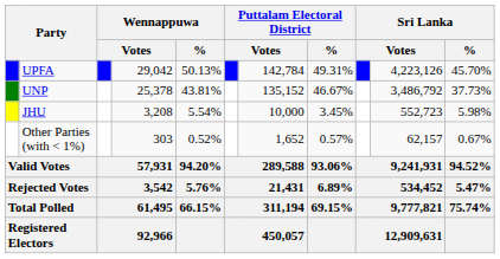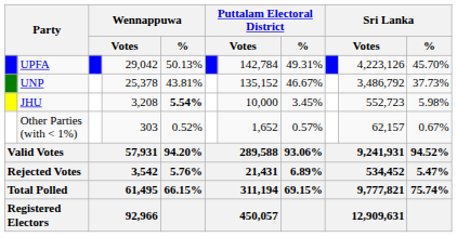 <table class="wikitable">
 <tr>
 <th colspan="2" width="144px"rowspan="2">Party</th>
 <th colspan="3" width="216px">Wennappuwa</th>
 <th colspan="3" width="216px"><a href='#'>Puttalam Electoral District</a></th>
 <th colspan="3" width="216px">Sri Lanka</th>
 </tr>
 <tr>
 <th colspan="2" width="144px">Votes</th>
 <th>%</th>
 <th colspan="2" width="144px">Votes</th>
 <th>%</th>
 <th colspan="2" width="144px">Votes</th>
 <th>%</th>
 </tr>
 <tr>
 <td style="background-color:blue;" width="10px"></td>
 <td style="text-align:left;"><a href='#'>UPFA</a></td>
 <td style="background-color:blue;" width="10px"></td>
 <td style="text-align:right;">29,042</td>
 <td style="text-align:right;">50.13%</td>
 <td style="background-color:blue;" width="10px"></td>
 <td style="text-align:right;">142,784</td>
 <td style="text-align:right;">49.31%</td>
 <td style="background-color:blue;" width="10px"></td>
 <td style="text-align:right;">4,223,126</td>
 <td style="text-align:right;">45.70%</td>
 </tr>
 <tr>
 <td style="background-color:green;" width="10px"></td>
 <td style="text-align:left;"><a href='#'>UNP</a></td>
 <td style="background-color:white;" width="10px"></td>
 <td style="text-align:right;">25,378</td>
 <td style="text-align:right;">43.81%</td>
 <td style="background-color:white;" width="10px"></td>
 <td style="text-align:right;">135,152</td>
 <td style="text-align:right;">46.67%</td>
 <td style="background-color:white;" width="10px"></td>
 <td style="text-align:right;">3,486,792</td>
 <td style="text-align:right;">37.73%</td>
 </tr>
 <tr>
 <td style="background-color:yellow;" width="10px"></td>
 <td style="text-align:left;"><a href='#'>JHU</a></td>
 <td style="background-color:white;" width="10px"></td>
 <td style="text-align:right;">3,208</td>
-<td style="text-align:right;">5.54%</td>
+<td style="text-align:right;"><strong>5.54%</strong></td>
 <td style="background-color:white;" width="10px"></td>
 <td style="text-align:right;">10,000</td>
 <td style="text-align:right;">3.45%</td>
 <td style="background-color:white;" width="10px"></td>
 <td style="text-align:right;">552,723</td>
 <td style="text-align:right;">5.98%</td>
 </tr>
 <tr>
 <td style="background-color:white;" width="10px"></td>
 <td style="text-align:left;">Other Parties (with < 1%)</td>
 <td style="background-color:white;" width="10px"></td>
 <td style="text-align:right;">303</td>
 <td style="text-align:right;">0.52%</td>
 <td style="background-color:white;" width="10px"></td>
 <td style="text-align:right;">1,652</td>
 <td style="text-align:right;">0.57%</td>
 <td style="background-color:white;" width="10px"></td>
 <td style="text-align:right;">62,157</td>
 <td style="text-align:right;">0.67%</td>
 </tr>
 <tr>
 <th colspan="2" width="144px"style="text-align:left;">Valid Votes</th>
 <th style="text-align:right;"colspan="2" width="144px">57,931</th>
 <th style="text-align:right;">94.20%</th>
 <th style="text-align:right;"colspan="2" width="144px">289,588</th>
 <th style="text-align:right;">93.06%</th>
 <th style="text-align:right;"colspan="2" width="144px">9,241,931</th>
 <th style="text-align:right;">94.52%</th>
 </tr>
 <tr>
 <th colspan="2" width="144px"style="text-align:left;">Rejected Votes</th>
 <th style="text-align:right;"colspan="2" width="144px">3,542</th>
 <th style="text-align:right;">5.76%</th>
 <th style="text-align:right;"colspan="2" width="144px">21,431</th>
 <th style="text-align:right;">6.89%</th>
 <th style="text-align:right;"colspan="2" width="144px">534,452</th>
 <th style="text-align:right;">5.47%</th>
 </tr>
 <tr>
 <th colspan="2" width="144px"style="text-align:left;">Total Polled</th>
 <th style="text-align:right;"colspan="2" width="144px">61,495</th>
 <th style="text-align:right;">66.15%</th>
 <th style="text-align:right;"colspan="2" width="144px">311,194</th>
 <th style="text-align:right;">69.15%</th>
 <th style="text-align:right;"colspan="2" width="144px">9,777,821</th>
 <th style="text-align:right;">75.74%</th>
 </tr>
 <tr>
 <th colspan="2" width="144px"style="text-align:left;">Registered Electors</th>
 <th style="text-align:right;"colspan="2" width="144px">92,966</th>
 <th></th>
 <th style="text-align:right;"colspan="2" width="144px">450,057</th>
 <th></th>
 <th style="text-align:right;"colspan="2" width="144px">12,909,631</th>
 <th></th>
 </tr>
 </table>
